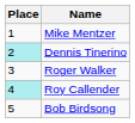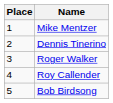 <table class="wikitable">
 <tr>
 <th>Place</th>
 <th>Name</th>
 </tr>
 <tr>
 <td>1</td>
 <td> <a href='#'>Mike Mentzer</a></td>
 </tr>
 <tr>
-<td style="background: paleturquoise;">2</td>
+<td>2</td>
 <td> <a href='#'>Dennis Tinerino</a></td>
 </tr>
 <tr>
 <td>3</td>
 <td> <a href='#'>Roger Walker</a></td>
 </tr>
 <tr>
-<td style="background: paleturquoise;">4</td>
+<td>4</td>
 <td> <a href='#'>Roy Callender</a></td>
 </tr>
 <tr>
 <td>5</td>
 <td> <a href='#'>Bob Birdsong</a></td>
 </tr>
 </table>
